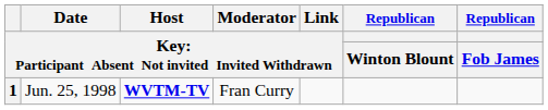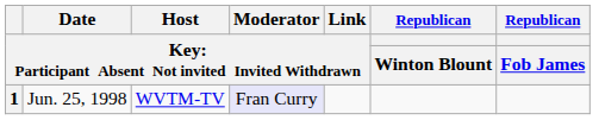 <table class="wikitable" style="text-align:center;">
 <tr>
 <th scope="col"></th>
 <th scope="col">Date</th>
 <th scope="col">Host</th>
 <th scope="col">Moderator</th>
 <th scope="col">Link</th>
 <th scope="col"><small><a href='#'>Republican</a></small></th>
 <th scope="col"><small><a href='#'>Republican</a></small></th>
 </tr>
 <tr>
 <th colspan="5" rowspan="2">Key:<br> <small>Participant </small>  <small>Absent </small>  <small>Not invited </small>  <small>Invited  Withdrawn</small></th>
 <th scope="col" style="background:"></th>
 <th scope="col" style="background:"></th>
 </tr>
 <tr>
 <th scope="col">Winton Blount</th>
 <th scope="col"><a href='#'>Fob James</a></th>
 </tr>
 <tr>
 <th>1</th>
 <td style="white-space:nowrap;">Jun. 25, 1998</td>
-<td style="white-space:nowrap;"><strong><a href='#'>WVTM-TV</a></strong></td>
-<td style="white-space:nowrap;">Fran Curry</td>
+<td style="white-space:nowrap;"><a href='#'>WVTM-TV</a></td>
+<td style="background: lavender; white-space:nowrap;">Fran Curry</td>
 <td style="white-space:nowrap;"></td>
 <td></td>
 <td></td>
 </tr>
 </table>
